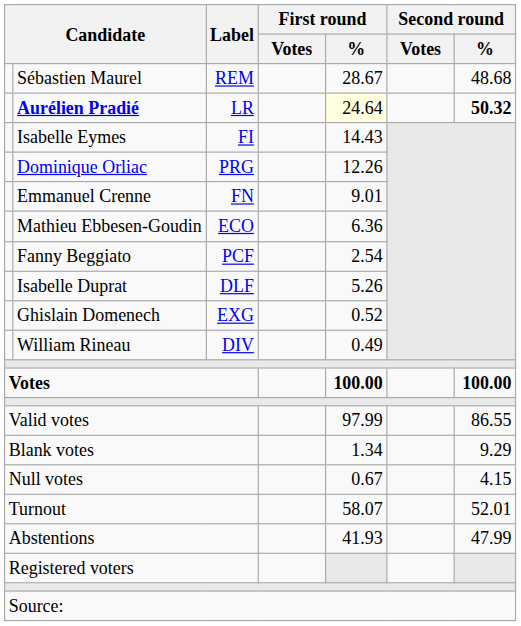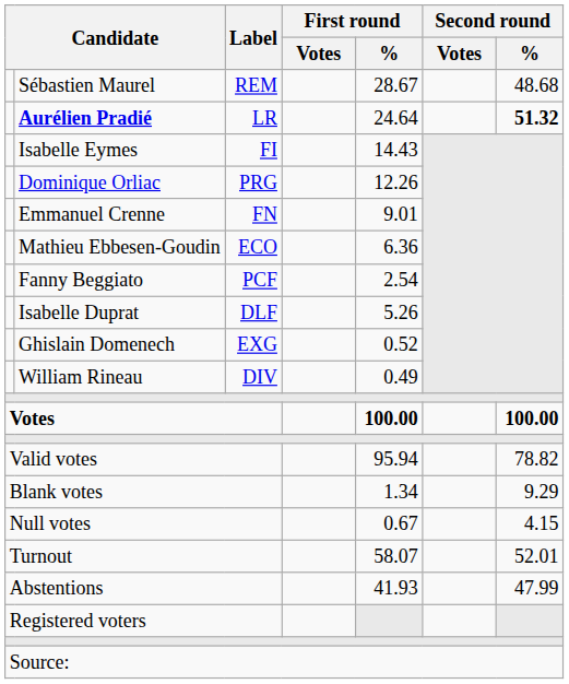 <table class="wikitable" style="text-align:right;font-size:95%;">
 <tr>
 <th rowspan="2" colspan="2">Candidate</th>
 <th rowspan="2">Label</th>
 <th colspan="2">First round</th>
 <th colspan="2">Second round</th>
 </tr>
 <tr>
 <th style="width:50px;">Votes</th>
 <th style="width:45px;">%</th>
 <th style="width:50px;">Votes</th>
 <th style="width:45px;">%</th>
 </tr>
 <tr>
 <td style="color:inherit;background:"></td>
 <td style="text-align:left;">Sébastien Maurel</td>
 <td><a href='#'>REM</a></td>
 <td></td>
 <td>28.67</td>
 <td></td>
 <td>48.68</td>
 </tr>
 <tr>
 <td style="color:inherit;background:"></td>
 <td style="text-align:left;"><strong><a href='#'>Aurélien Pradié</a></strong></td>
 <td><a href='#'>LR</a></td>
 <td></td>
-<td style="background: lightyellow;">24.64</td>
+<td>24.64</td>
 <td><strong></strong></td>
-<td><strong>50.32</strong></td>
+<td><strong>51.32</strong></td>
 </tr>
 <tr>
 <td style="color:inherit;background:"></td>
 <td style="text-align:left;">Isabelle Eymes</td>
 <td><a href='#'>FI</a></td>
 <td></td>
 <td>14.43</td>
 <td colspan="2" rowspan="8" style="background:#E9E9E9;"></td>
 </tr>
 <tr>
 <td style="color:inherit;background:"></td>
 <td style="text-align:left;"><a href='#'>Dominique Orliac</a></td>
 <td><a href='#'>PRG</a></td>
 <td></td>
 <td>12.26</td>
 </tr>
 <tr>
 <td style="color:inherit;background:"></td>
 <td style="text-align:left;">Emmanuel Crenne</td>
 <td><a href='#'>FN</a></td>
 <td></td>
 <td>9.01</td>
 </tr>
 <tr>
 <td style="color:inherit;background:"></td>
 <td style="text-align:left;">Mathieu Ebbesen-Goudin</td>
 <td><a href='#'>ECO</a></td>
 <td></td>
 <td>6.36</td>
 </tr>
 <tr>
 <td style="color:inherit;background:"></td>
 <td style="text-align:left;">Fanny Beggiato</td>
 <td><a href='#'>PCF</a></td>
 <td></td>
 <td>2.54</td>
 </tr>
 <tr>
 <td style="color:inherit;background:"></td>
 <td style="text-align:left;">Isabelle Duprat</td>
 <td><a href='#'>DLF</a></td>
 <td></td>
 <td>5.26</td>
 </tr>
 <tr>
 <td style="color:inherit;background:"></td>
 <td style="text-align:left;">Ghislain Domenech</td>
 <td><a href='#'>EXG</a></td>
 <td></td>
 <td>0.52</td>
 </tr>
 <tr>
 <td style="color:inherit;background:"></td>
 <td style="text-align:left;">William Rineau</td>
 <td><a href='#'>DIV</a></td>
 <td></td>
 <td>0.49</td>
 </tr>
 <tr>
 <td colspan="7" style="background:#E9E9E9;"></td>
 </tr>
 <tr style="font-weight:bold;">
 <td colspan="3" style="text-align:left;">Votes</td>
 <td></td>
 <td>100.00</td>
 <td></td>
 <td>100.00</td>
 </tr>
 <tr>
 <td colspan="7" style="background:#E9E9E9;"></td>
 </tr>
 <tr>
 <td colspan="3" style="text-align:left;">Valid votes</td>
 <td></td>
-<td>97.99</td>
+<td>95.94</td>
 <td></td>
-<td>86.55</td>
+<td>78.82</td>
 </tr>
 <tr>
 <td colspan="3" style="text-align:left;">Blank votes</td>
 <td></td>
 <td>1.34</td>
 <td></td>
 <td>9.29</td>
 </tr>
 <tr>
 <td colspan="3" style="text-align:left;">Null votes</td>
 <td></td>
 <td>0.67</td>
 <td></td>
 <td>4.15</td>
 </tr>
 <tr>
 <td colspan="3" style="text-align:left;">Turnout</td>
 <td></td>
 <td>58.07</td>
 <td></td>
 <td>52.01</td>
 </tr>
 <tr>
 <td colspan="3" style="text-align:left;">Abstentions</td>
 <td></td>
 <td>41.93</td>
 <td></td>
 <td>47.99</td>
 </tr>
 <tr>
 <td colspan="3" style="text-align:left;">Registered voters</td>
 <td></td>
 <td style="background:#E9E9E9;"></td>
 <td></td>
 <td style="background:#E9E9E9;"></td>
 </tr>
 <tr>
 <td colspan="7" style="background:#E9E9E9;"></td>
 </tr>
 <tr>
 <td colspan="7" style="text-align:left;">Source: </td>
 </tr>
 </table>
